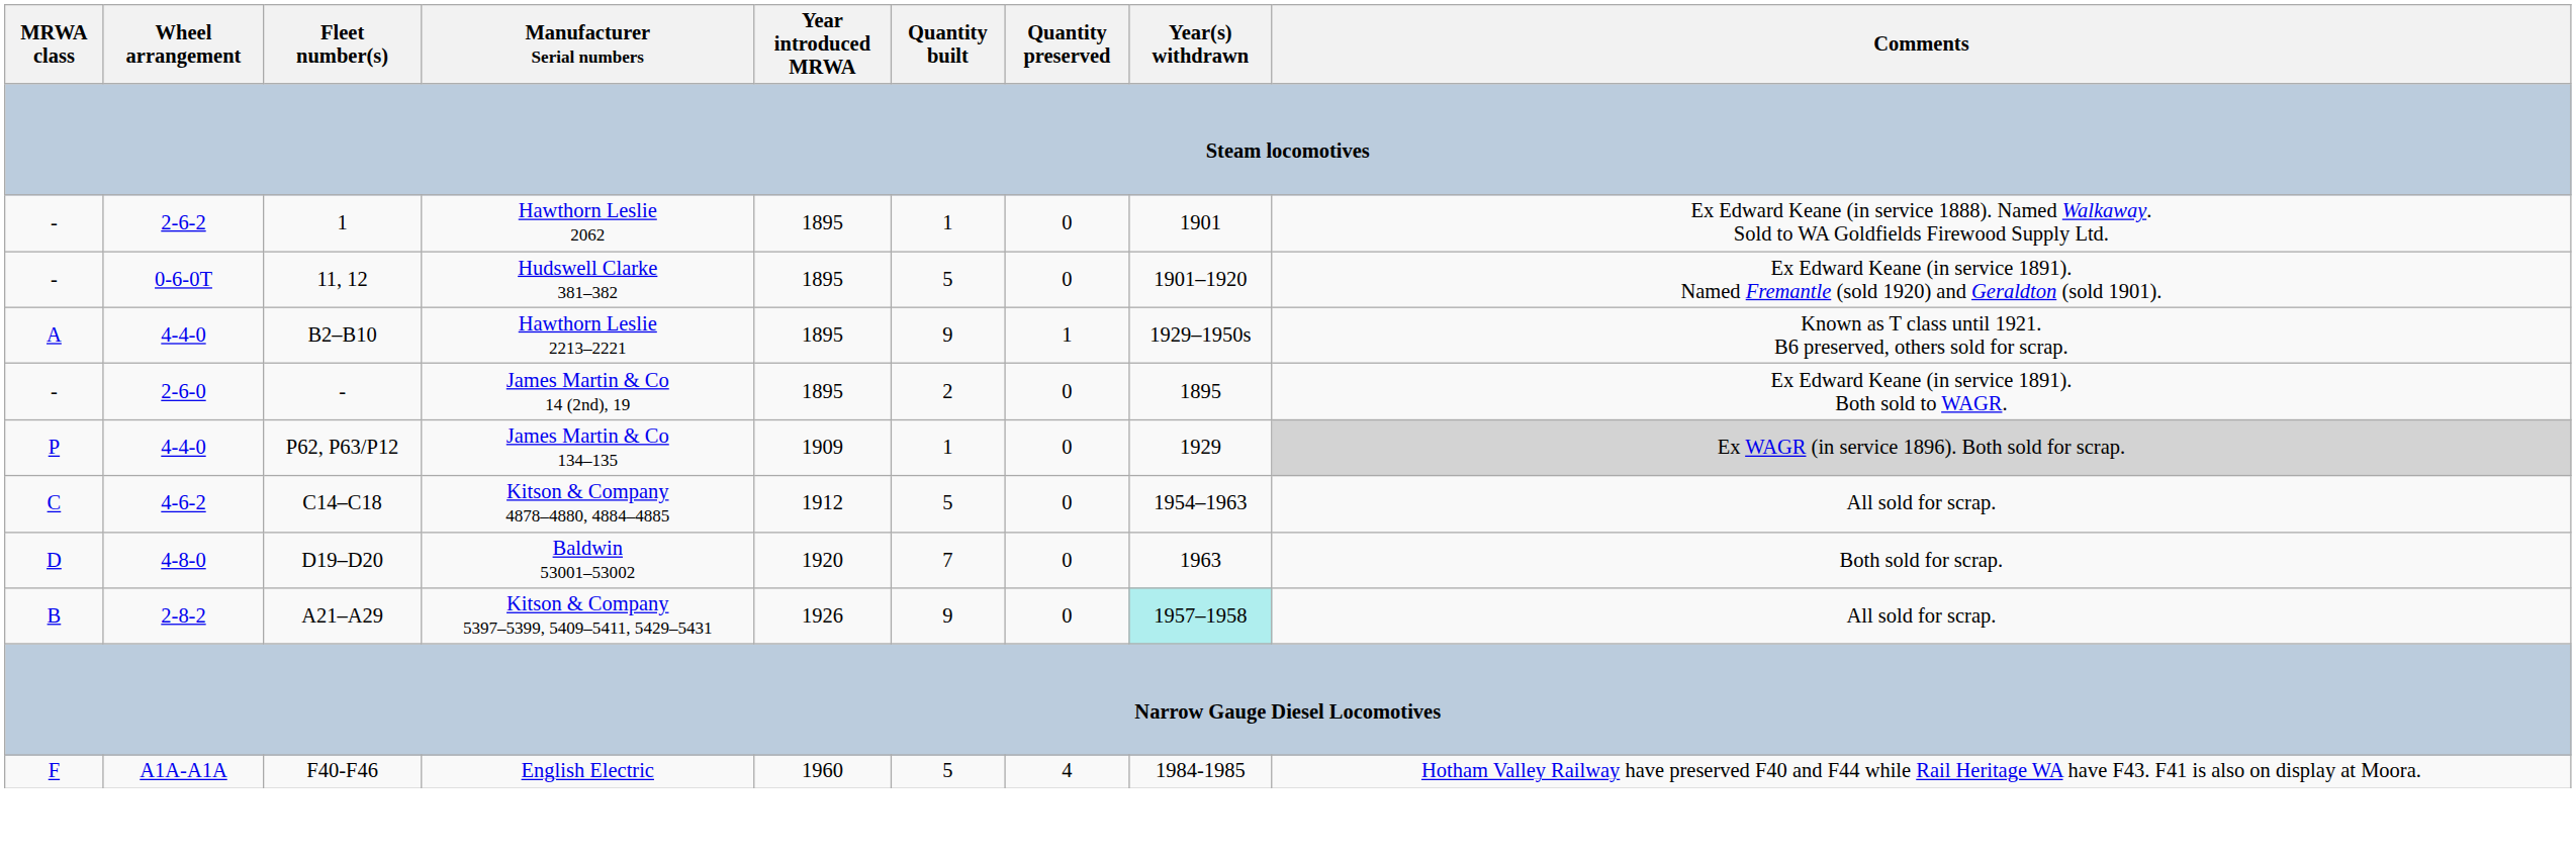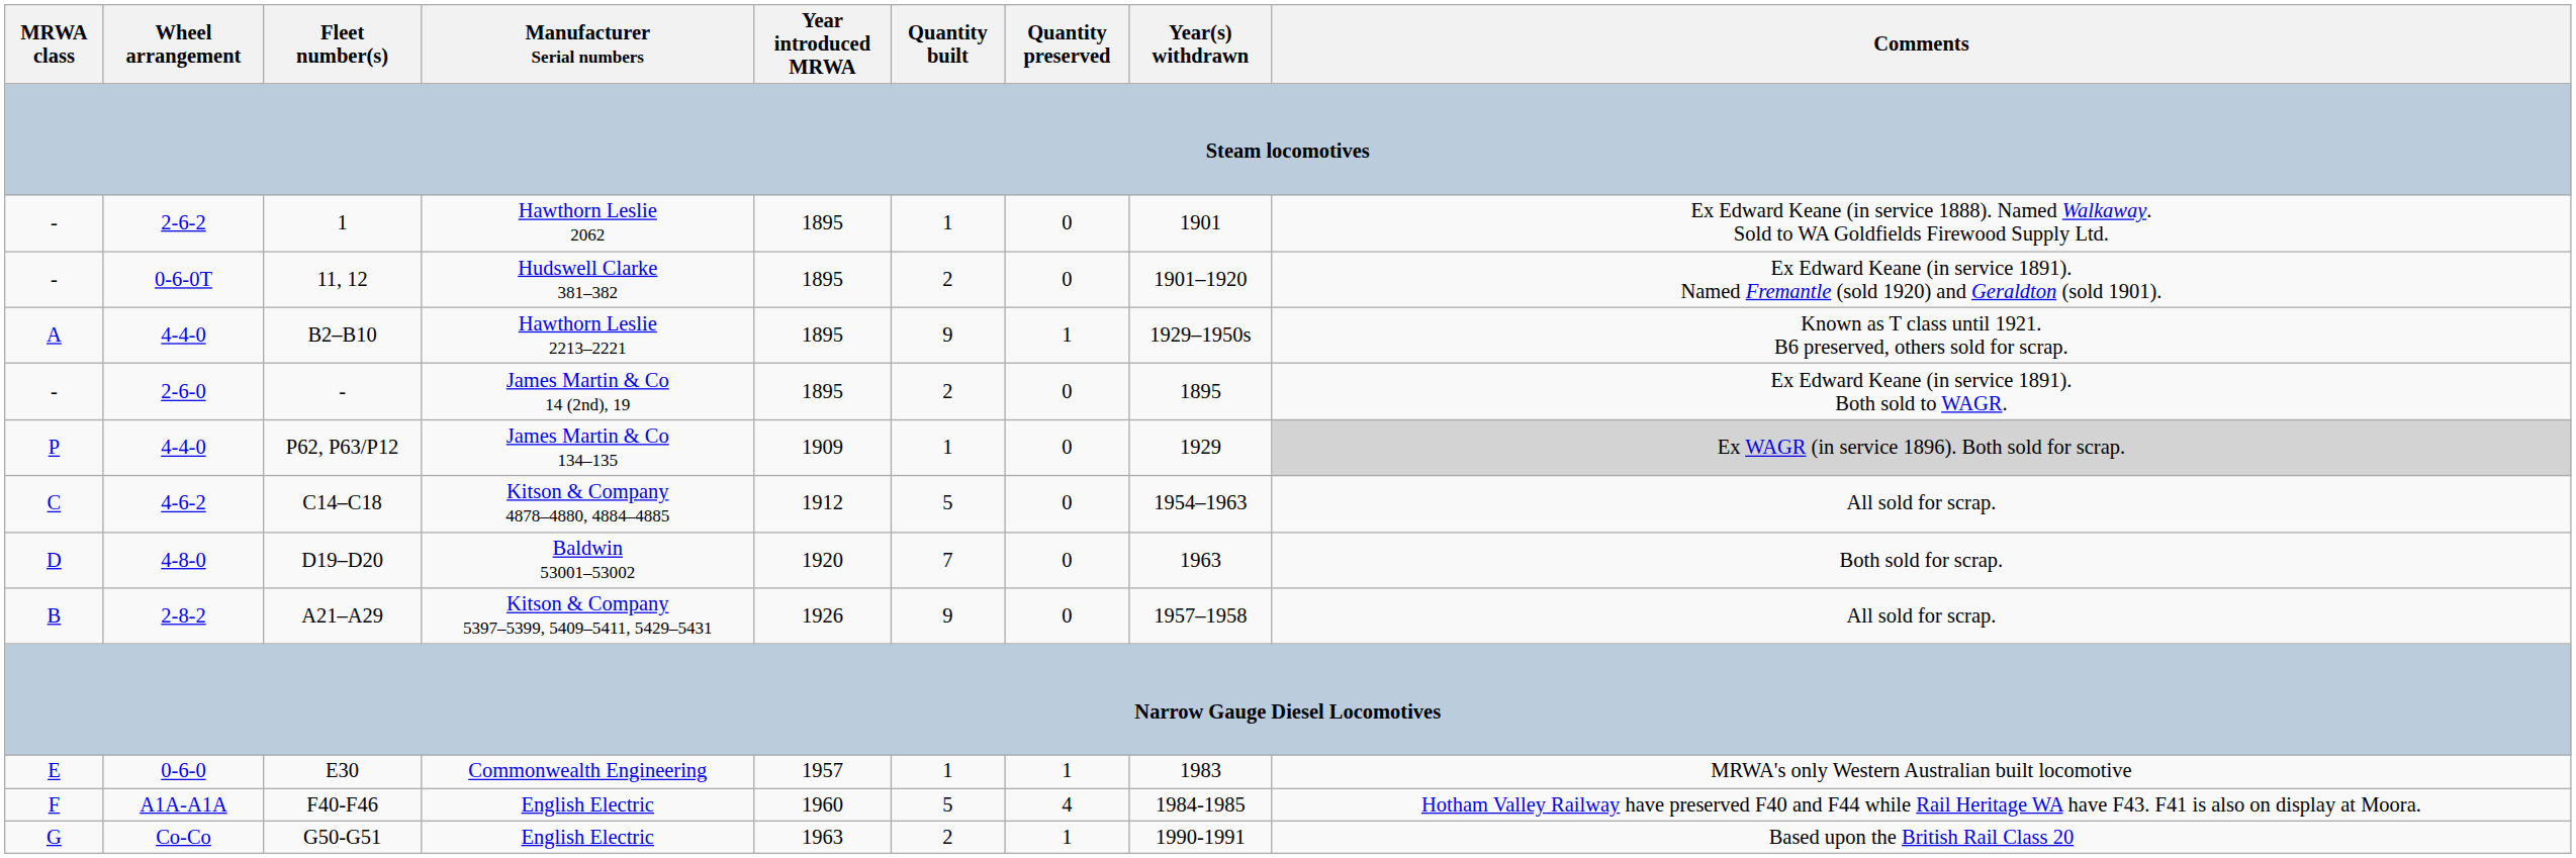 <table class="wikitable" style="text-align:center; width: 100%">
 <tr>
 <th>MRWA<br>class</th>
 <th>Wheel<br>arrangement</th>
 <th>Fleet<br>number(s)</th>
 <th>Manufacturer<br><small>Serial numbers</small></th>
 <th>Year<br>introduced<br>MRWA</th>
 <th>Quantity<br>built</th>
 <th>Quantity<br>preserved</th>
 <th>Year(s)<br>withdrawn</th>
 <th>Comments</th>
 </tr>
 <tr style="background:#bcd;">
 <td colspan=9><br><h4>Steam locomotives</h4></td>
 </tr>
 <tr>
 <td>-</td>
 <td><a href='#'>2-6-2</a></td>
 <td>1</td>
 <td><a href='#'>Hawthorn Leslie</a><br><small>2062</small></td>
 <td>1895</td>
 <td>1</td>
 <td>0</td>
 <td>1901</td>
 <td>Ex Edward Keane (in service 1888).  Named <em><a href='#'>Walkaway</a></em>.<br>Sold to WA Goldfields Firewood Supply Ltd.</td>
 </tr>
 <tr>
 <td>-</td>
 <td><a href='#'>0-6-0T</a></td>
 <td>11, 12</td>
 <td><a href='#'>Hudswell Clarke</a><br><small>381–382</small></td>
 <td>1895</td>
-<td>5</td>
+<td>2</td>
 <td>0</td>
 <td>1901–1920</td>
 <td>Ex Edward Keane (in service 1891).<br>Named <em><a href='#'>Fremantle</a></em> (sold 1920) and <em><a href='#'>Geraldton</a></em> (sold 1901).</td>
 </tr>
 <tr>
 <td><a href='#'>A</a></td>
 <td><a href='#'>4-4-0</a></td>
 <td>B2–B10</td>
 <td><a href='#'>Hawthorn Leslie</a><br><small>2213–2221</small></td>
 <td>1895</td>
 <td>9</td>
 <td>1</td>
 <td>1929–1950s</td>
 <td>Known as T class until 1921.<br>B6 preserved, others sold for scrap.</td>
 </tr>
 <tr>
 <td>-</td>
 <td><a href='#'>2-6-0</a></td>
 <td>-</td>
 <td><a href='#'>James Martin & Co</a><br><small>14 (2nd), 19</small></td>
 <td>1895</td>
 <td>2</td>
 <td>0</td>
 <td>1895</td>
 <td>Ex Edward Keane (in service 1891).<br>Both sold to <a href='#'>WAGR</a>.</td>
 </tr>
 <tr>
 <td><a href='#'>P</a></td>
 <td><a href='#'>4-4-0</a></td>
 <td>P62, P63/P12</td>
 <td><a href='#'>James Martin & Co</a><br><small>134–135</small></td>
 <td>1909</td>
 <td>1</td>
 <td>0</td>
 <td>1929</td>
 <td style="background: lightgrey;">Ex <a href='#'>WAGR</a> (in service 1896).  Both sold for scrap.</td>
 </tr>
 <tr>
 <td><a href='#'>C</a></td>
 <td><a href='#'>4-6-2</a></td>
 <td>C14–C18</td>
 <td><a href='#'>Kitson & Company</a><br><small>4878–4880, 4884–4885</small></td>
 <td>1912</td>
 <td>5</td>
 <td>0</td>
 <td>1954–1963</td>
 <td>All sold for scrap.</td>
 </tr>
 <tr>
 <td><a href='#'>D</a></td>
 <td><a href='#'>4-8-0</a></td>
 <td>D19–D20</td>
 <td><a href='#'>Baldwin</a><br><small>53001–53002</small></td>
 <td>1920</td>
 <td>7</td>
 <td>0</td>
 <td>1963</td>
 <td>Both sold for scrap.</td>
 </tr>
 <tr>
 <td><a href='#'>B</a></td>
 <td><a href='#'>2-8-2</a></td>
 <td>A21–A29</td>
 <td><a href='#'>Kitson & Company</a><br><small>5397–5399, 5409–5411, 5429–5431</small></td>
 <td>1926</td>
 <td>9</td>
 <td>0</td>
-<td style="background: paleturquoise;">1957–1958</td>
+<td>1957–1958</td>
 <td>All sold for scrap.</td>
 </tr>
 <tr style="background:#bcd;">
 <td colspan=9><br><h4>Narrow Gauge Diesel Locomotives</h4></td>
+</tr>
+<tr>
+<td><a href='#'>E</a></td>
+<td><a href='#'>0-6-0</a></td>
+<td>E30</td>
+<td><a href='#'>Commonwealth Engineering</a></td>
+<td>1957</td>
+<td>1</td>
+<td>1</td>
+<td>1983</td>
+<td>MRWA's only Western Australian built locomotive</td>
 </tr>
 <tr>
 <td><a href='#'>F</a></td>
 <td><a href='#'>A1A-A1A</a></td>
 <td>F40-F46</td>
 <td><a href='#'>English Electric</a></td>
 <td>1960</td>
 <td>5</td>
 <td>4</td>
 <td>1984-1985</td>
 <td><a href='#'>Hotham Valley Railway</a> have preserved F40 and F44 while <a href='#'>Rail Heritage WA</a> have F43. F41 is also on display at Moora.</td>
 </tr>
+<tr>
+<td><a href='#'>G</a></td>
+<td><a href='#'>Co-Co</a></td>
+<td>G50-G51</td>
+<td><a href='#'>English Electric</a></td>
+<td>1963</td>
+<td>2</td>
+<td>1</td>
+<td>1990-1991</td>
+<td>Based upon the <a href='#'>British Rail Class 20</a></td>
+</tr>
 </table>
